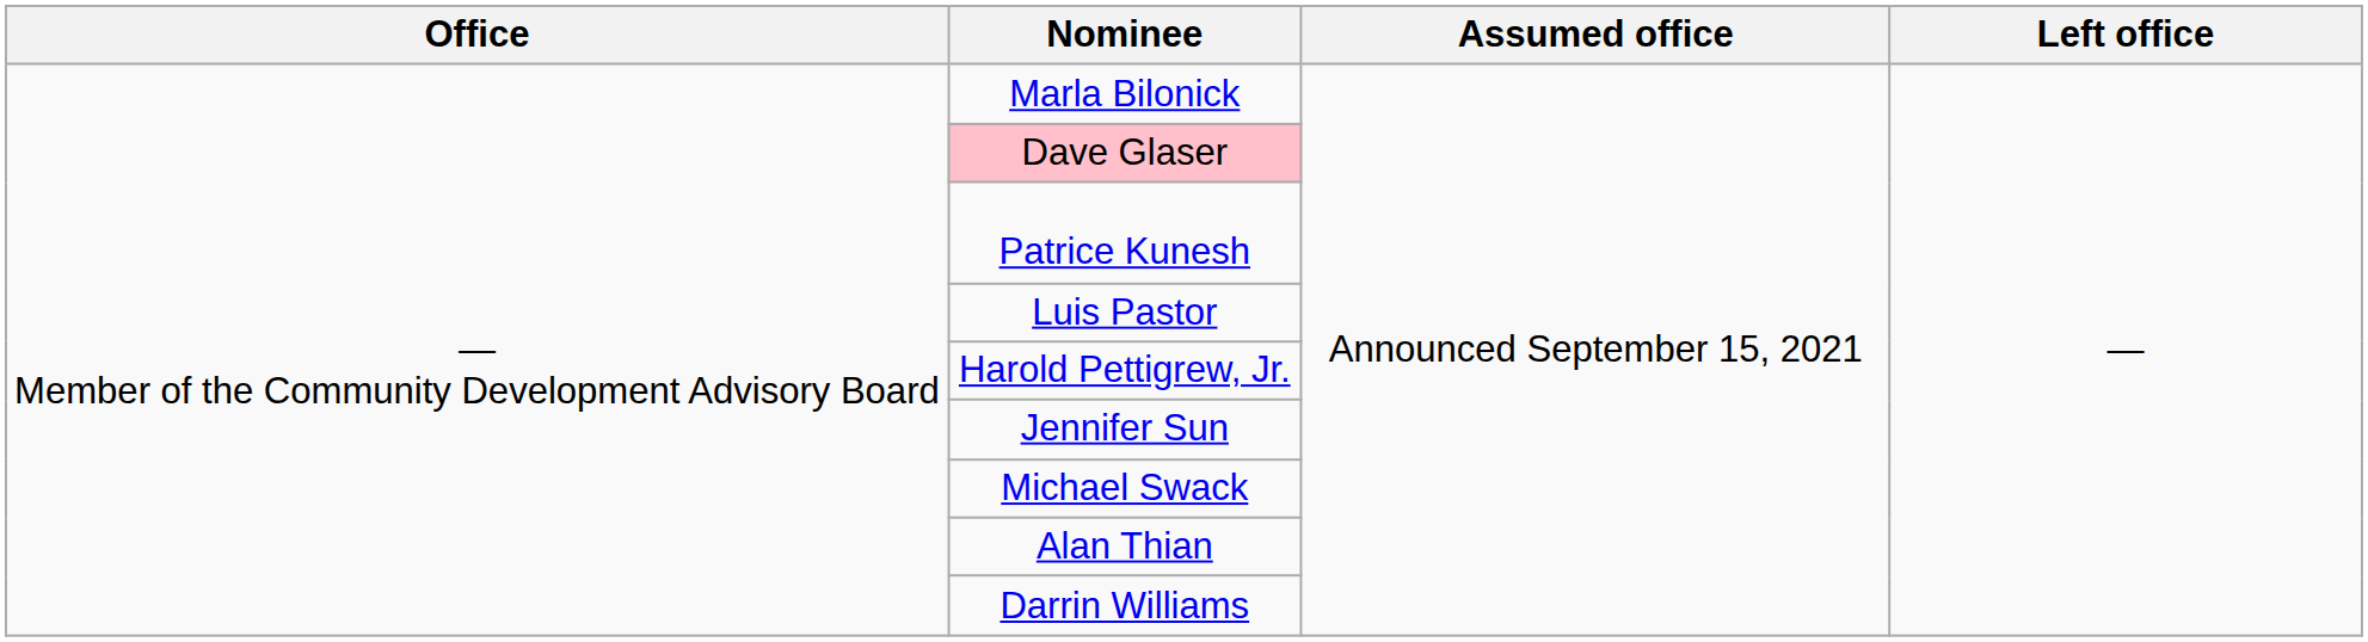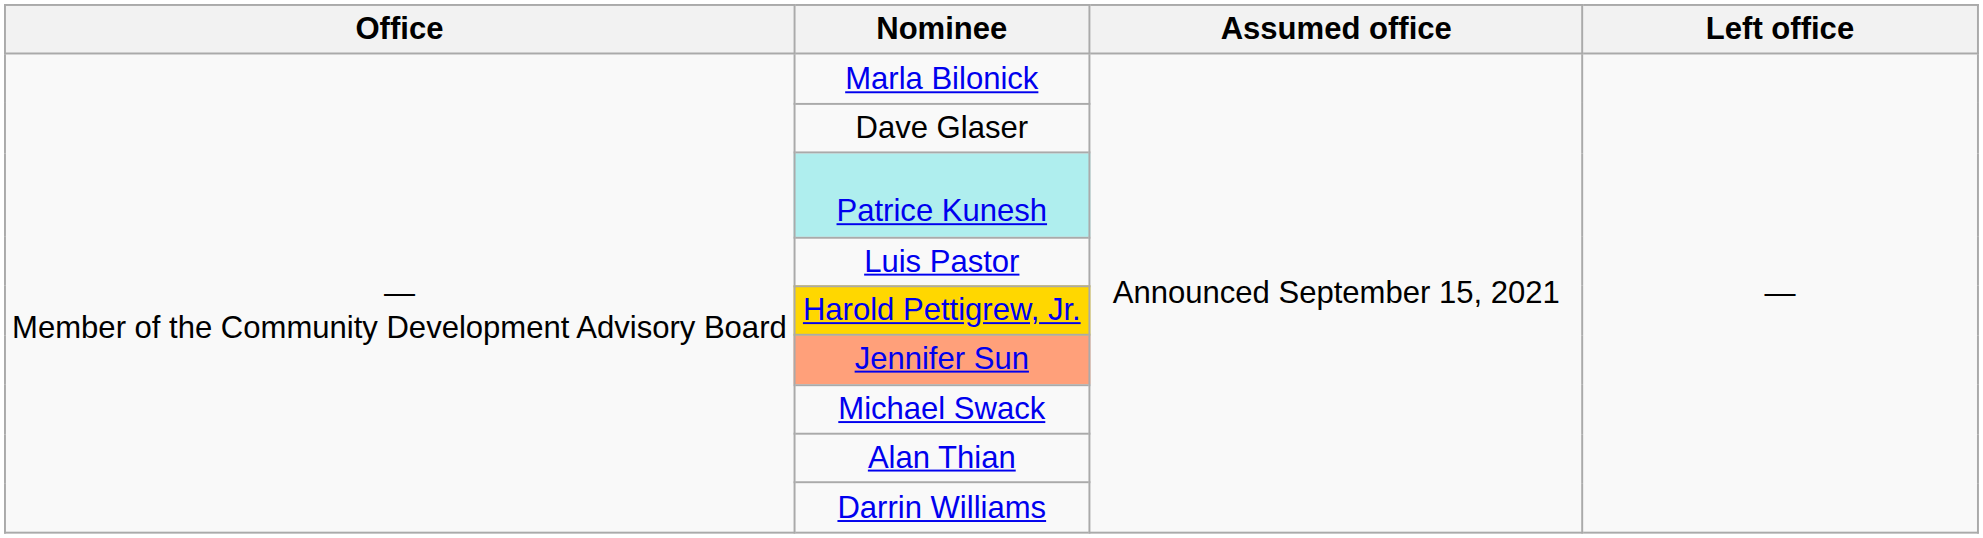 <table class="wikitable sortable" style="text-align:center">
 <tr>
 <th style="width:40%;">Office</th>
 <th style="width:15%;">Nominee</th>
 <th style="width:25%;" data-sort-type="date">Assumed office</th>
 <th style="width:20%;" data-sort-type="date">Left office</th>
 </tr>
 <tr>
 <td rowspan=9><br>—<br>Member of the Community Development Advisory Board</td>
 <td><a href='#'>Marla Bilonick</a></td>
 <td rowspan=9>Announced September 15, 2021</td>
 <td rowspan=9>—</td>
 </tr>
 <tr>
-<td style="background: pink;">Dave Glaser</td>
+<td>Dave Glaser</td>
 </tr>
 <tr>
-<td><br><a href='#'>Patrice Kunesh</a></td>
+<td style="background: paleturquoise;"><br><a href='#'>Patrice Kunesh</a></td>
 </tr>
 <tr>
 <td><a href='#'>Luis Pastor</a></td>
 </tr>
 <tr>
-<td><a href='#'>Harold Pettigrew, Jr.</a></td>
+<td style="background: gold;"><a href='#'>Harold Pettigrew, Jr.</a></td>
 </tr>
 <tr>
-<td><a href='#'>Jennifer Sun</a></td>
+<td style="background: lightsalmon;"><a href='#'>Jennifer Sun</a></td>
 </tr>
 <tr>
 <td><a href='#'>Michael Swack</a></td>
 </tr>
 <tr>
 <td><a href='#'>Alan Thian</a></td>
 </tr>
 <tr>
 <td><a href='#'>Darrin Williams</a></td>
 </tr>
 </table>
